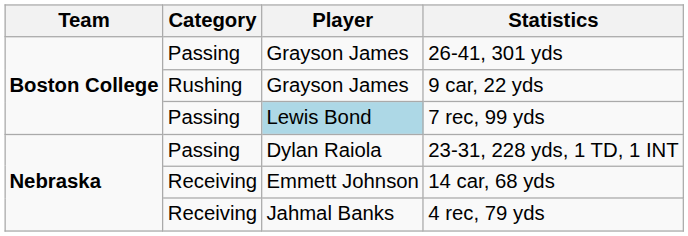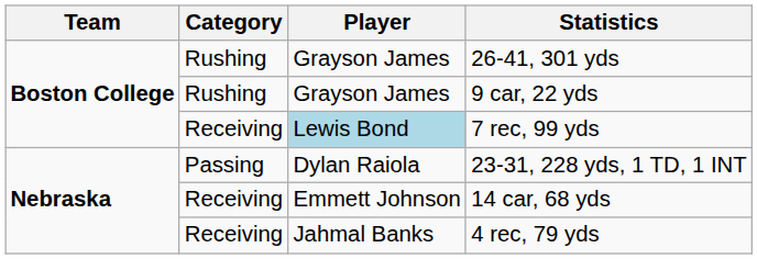 <table class="wikitable" style="float: right;">
 <tr>
 <th>Team</th>
 <th>Category</th>
 <th>Player</th>
 <th>Statistics</th>
 </tr>
 <tr>
 <td rowspan=3><strong>Boston College</strong></td>
-<td>Passing</td>
+<td>Rushing</td>
 <td>Grayson James</td>
 <td>26-41, 301 yds</td>
 </tr>
 <tr>
 <td>Rushing</td>
 <td>Grayson James</td>
 <td>9 car, 22 yds</td>
 </tr>
 <tr>
-<td>Passing</td>
+<td>Receiving</td>
 <td style="background: lightblue;">Lewis Bond</td>
 <td>7 rec, 99 yds</td>
 </tr>
 <tr>
 <td rowspan=3><strong>Nebraska</strong></td>
 <td>Passing</td>
 <td>Dylan Raiola</td>
 <td>23-31, 228 yds, 1 TD, 1 INT</td>
 </tr>
 <tr>
 <td>Receiving</td>
 <td>Emmett Johnson</td>
 <td>14 car, 68 yds</td>
 </tr>
 <tr>
 <td>Receiving</td>
 <td>Jahmal Banks</td>
 <td>4 rec, 79 yds</td>
 </tr>
 </table>
